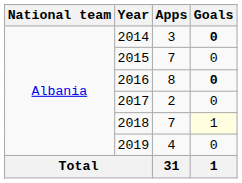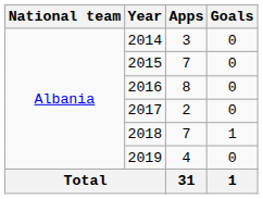 <table class="wikitable" style="text-align:center">
 <tr>
 <th>National team</th>
 <th>Year</th>
 <th>Apps</th>
 <th>Goals</th>
 </tr>
 <tr>
 <td rowspan="6"><a href='#'>Albania</a></td>
 <td>2014</td>
 <td>3</td>
-<td><strong>0</strong></td>
+<td>0</td>
 </tr>
 <tr>
 <td>2015</td>
 <td>7</td>
 <td>0</td>
 </tr>
 <tr>
 <td>2016</td>
 <td>8</td>
-<td><strong>0</strong></td>
+<td>0</td>
 </tr>
 <tr>
 <td>2017</td>
 <td>2</td>
 <td>0</td>
 </tr>
 <tr>
 <td>2018</td>
 <td>7</td>
-<td style="background: lightyellow;">1</td>
+<td>1</td>
 </tr>
 <tr>
 <td>2019</td>
 <td>4</td>
 <td>0</td>
 </tr>
 <tr>
 <th colspan="2">Total</th>
 <th>31</th>
 <th>1</th>
 </tr>
 </table>
